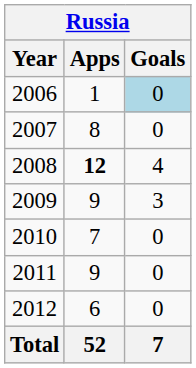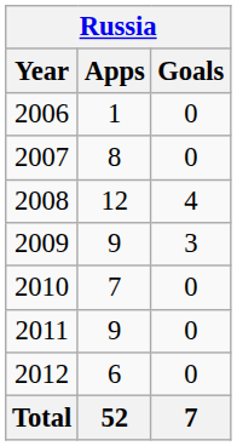 <table class="wikitable" style="text-align:center">
 <tr>
 <th colspan=3><a href='#'>Russia</a></th>
 </tr>
 <tr>
 <th>Year</th>
 <th>Apps</th>
 <th>Goals</th>
 </tr>
 <tr>
 <td>2006</td>
 <td>1</td>
-<td style="background: lightblue;">0</td>
+<td>0</td>
 </tr>
 <tr>
 <td>2007</td>
 <td>8</td>
 <td>0</td>
 </tr>
 <tr>
 <td>2008</td>
-<td><strong>12</strong></td>
+<td>12</td>
 <td>4</td>
 </tr>
 <tr>
 <td>2009</td>
 <td>9</td>
 <td>3</td>
 </tr>
 <tr>
 <td>2010</td>
 <td>7</td>
 <td>0</td>
 </tr>
 <tr>
 <td>2011</td>
 <td>9</td>
 <td>0</td>
 </tr>
 <tr>
 <td>2012</td>
 <td>6</td>
 <td>0</td>
 </tr>
 <tr>
 <th>Total</th>
 <th>52</th>
 <th>7</th>
 </tr>
 </table>
